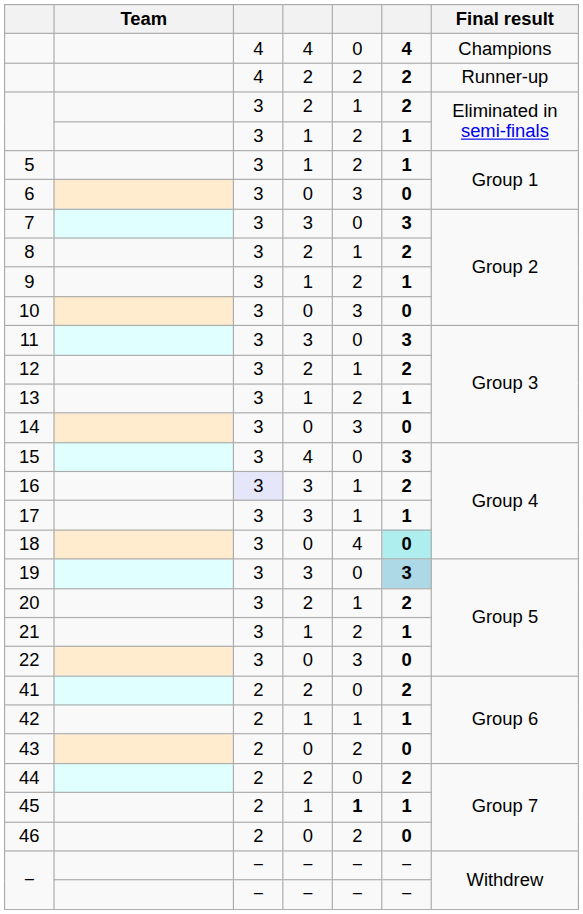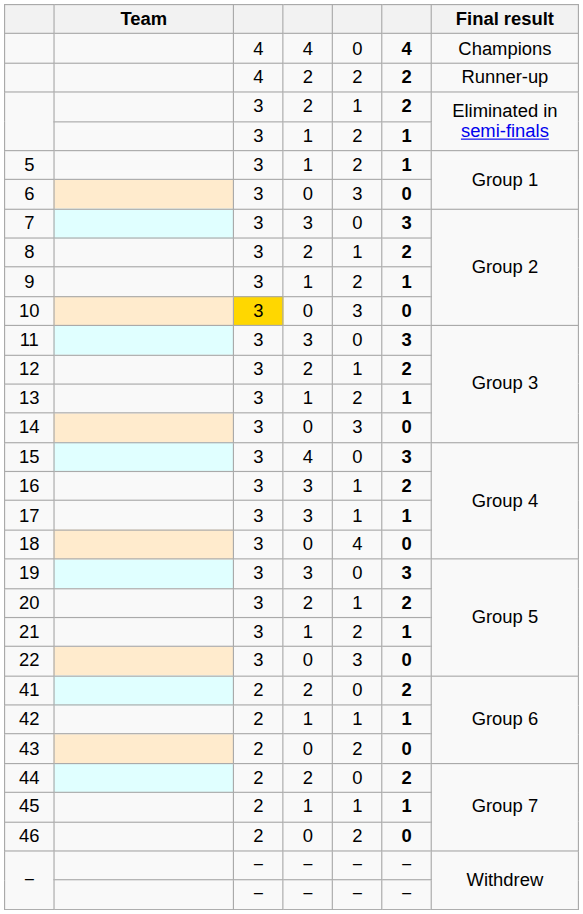 <table class="wikitable" style="text-align:center" width="500">
 <tr>
 <th width="5.5%"></th>
 <th width="20%">Team</th>
 <th width="5.5%"></th>
 <th width="5.5%"></th>
 <th width="5.5%"></th>
 <th width="5.5%"></th>
 <th width="14%">Final result</th>
 </tr>
 <tr>
 <td></td>
 <td align="left"></td>
 <td>4</td>
 <td>4</td>
 <td>0</td>
 <td><strong>4</strong></td>
 <td>Champions</td>
 </tr>
 <tr>
 <td></td>
 <td align="left"></td>
 <td>4</td>
 <td>2</td>
 <td>2</td>
 <td><strong>2</strong></td>
 <td>Runner-up</td>
 </tr>
 <tr>
 <td rowspan="2"></td>
 <td align="left"></td>
 <td>3</td>
 <td>2</td>
 <td>1</td>
 <td><strong>2</strong></td>
 <td rowspan="2">Eliminated in <a href='#'>semi-finals</a></td>
 </tr>
 <tr>
 <td align="left"></td>
 <td>3</td>
 <td>1</td>
 <td>2</td>
 <td><strong>1</strong></td>
 </tr>
 <tr>
 <td>5</td>
 <td align="left"></td>
 <td>3</td>
 <td>1</td>
 <td>2</td>
 <td><strong>1</strong></td>
 <td rowspan="2">Group 1</td>
 </tr>
 <tr>
 <td>6</td>
 <td align="left" bgcolor="#FFEBCD"></td>
 <td>3</td>
 <td>0</td>
 <td>3</td>
 <td><strong>0</strong></td>
 </tr>
 <tr>
 <td>7</td>
 <td align="left" bgcolor="#E0FFFF"></td>
 <td>3</td>
 <td>3</td>
 <td>0</td>
 <td><strong>3</strong></td>
 <td rowspan="4">Group 2</td>
 </tr>
 <tr>
 <td>8</td>
 <td align="left"></td>
 <td>3</td>
 <td>2</td>
 <td>1</td>
 <td><strong>2</strong></td>
 </tr>
 <tr>
 <td>9</td>
 <td align="left"></td>
 <td>3</td>
 <td>1</td>
 <td>2</td>
 <td><strong>1</strong></td>
 </tr>
 <tr>
 <td>10</td>
 <td align="left" bgcolor="#FFEBCD"></td>
-<td>3</td>
+<td style="background: gold;">3</td>
 <td>0</td>
 <td>3</td>
 <td><strong>0</strong></td>
 </tr>
 <tr>
 <td>11</td>
 <td align="left" bgcolor="#E0FFFF"></td>
 <td>3</td>
 <td>3</td>
 <td>0</td>
 <td><strong>3</strong></td>
 <td rowspan="4">Group 3</td>
 </tr>
 <tr>
 <td>12</td>
 <td align="left"></td>
 <td>3</td>
 <td>2</td>
 <td>1</td>
 <td><strong>2</strong></td>
 </tr>
 <tr>
 <td>13</td>
 <td align="left"></td>
 <td>3</td>
 <td>1</td>
 <td>2</td>
 <td><strong>1</strong></td>
 </tr>
 <tr>
 <td>14</td>
 <td align="left" bgcolor="#FFEBCD"></td>
 <td>3</td>
 <td>0</td>
 <td>3</td>
 <td><strong>0</strong></td>
 </tr>
 <tr>
 <td>15</td>
 <td align="left" bgcolor="#E0FFFF"></td>
 <td>3</td>
 <td>4</td>
 <td>0</td>
 <td><strong>3</strong></td>
 <td rowspan="4">Group 4</td>
 </tr>
 <tr>
 <td>16</td>
 <td align="left"></td>
-<td style="background: lavender;">3</td>
+<td>3</td>
 <td>3</td>
 <td>1</td>
 <td><strong>2</strong></td>
 </tr>
 <tr>
 <td>17</td>
 <td align="left"></td>
 <td>3</td>
 <td>3</td>
 <td>1</td>
 <td><strong>1</strong></td>
 </tr>
 <tr>
 <td>18</td>
 <td align="left" bgcolor="#FFEBCD"></td>
 <td>3</td>
 <td>0</td>
 <td>4</td>
-<td style="background: paleturquoise;"><strong>0</strong></td>
+<td><strong>0</strong></td>
 </tr>
 <tr>
 <td>19</td>
 <td align="left" bgcolor="#E0FFFF"></td>
 <td>3</td>
 <td>3</td>
 <td>0</td>
-<td style="background: lightblue;"><strong>3</strong></td>
+<td><strong>3</strong></td>
 <td rowspan="4">Group 5</td>
 </tr>
 <tr>
 <td>20</td>
 <td align="left"></td>
 <td>3</td>
 <td>2</td>
 <td>1</td>
 <td><strong>2</strong></td>
 </tr>
 <tr>
 <td>21</td>
 <td align="left"></td>
 <td>3</td>
 <td>1</td>
 <td>2</td>
 <td><strong>1</strong></td>
 </tr>
 <tr>
 <td>22</td>
 <td align="left" bgcolor="#FFEBCD"></td>
 <td>3</td>
 <td>0</td>
 <td>3</td>
 <td><strong>0</strong></td>
 </tr>
 <tr>
 <td>41</td>
 <td align="left" bgcolor="#E0FFFF"></td>
 <td>2</td>
 <td>2</td>
 <td>0</td>
 <td><strong>2</strong></td>
 <td rowspan="3">Group 6</td>
 </tr>
 <tr>
 <td>42</td>
 <td align="left"></td>
 <td>2</td>
 <td>1</td>
 <td>1</td>
 <td><strong>1</strong></td>
 </tr>
 <tr>
 <td>43</td>
 <td align="left" bgcolor="#FFEBCD"></td>
 <td>2</td>
 <td>0</td>
 <td>2</td>
 <td><strong>0</strong></td>
 </tr>
 <tr>
 <td>44</td>
 <td align="left" bgcolor="#E0FFFF"></td>
 <td>2</td>
 <td>2</td>
 <td>0</td>
 <td><strong>2</strong></td>
 <td rowspan="3">Group 7</td>
 </tr>
 <tr>
 <td>45</td>
 <td align="left"></td>
 <td>2</td>
 <td>1</td>
-<td><strong>1</strong></td>
+<td>1</td>
 <td><strong>1</strong></td>
 </tr>
 <tr>
 <td>46</td>
 <td align="left"></td>
 <td>2</td>
 <td>0</td>
 <td>2</td>
 <td><strong>0</strong></td>
 </tr>
 <tr>
 <td rowspan="2">−</td>
 <td align="left"></td>
 <td>−</td>
 <td>−</td>
 <td>−</td>
 <td>−</td>
 <td rowspan="2">Withdrew</td>
 </tr>
 <tr>
 <td align="left"></td>
 <td>−</td>
 <td>−</td>
 <td>−</td>
 <td>−</td>
 </tr>
 </table>
